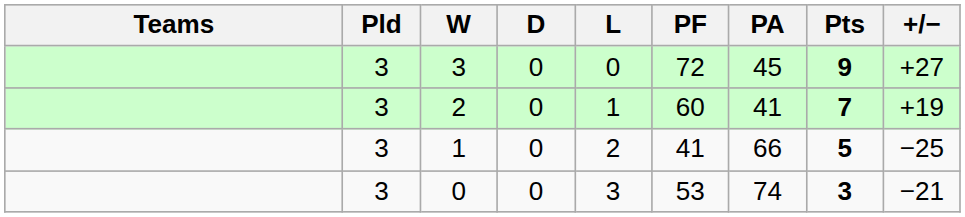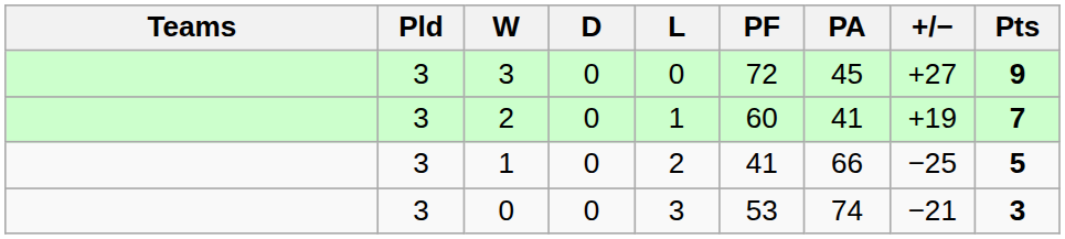 <table class="wikitable" style="text-align: center;">
 <tr>
 <th width="200">Teams</th>
 <th width="40">Pld</th>
 <th width="40">W</th>
 <th width="40">D</th>
 <th width="40">L</th>
 <th width="40">PF</th>
 <th width="40">PA</th>
+<th width="40">+/−</th>
 <th width="40">Pts</th>
-<th width="40">+/−</th>
 </tr>
 <tr bgcolor=ccffcc>
 <td align=left></td>
 <td>3</td>
 <td>3</td>
 <td>0</td>
 <td>0</td>
 <td>72</td>
 <td>45</td>
+<td>+27</td>
 <td><strong>9</strong></td>
-<td>+27</td>
 </tr>
 <tr bgcolor=ccffcc>
 <td align=left></td>
 <td>3</td>
 <td>2</td>
 <td>0</td>
 <td>1</td>
 <td>60</td>
 <td>41</td>
+<td>+19</td>
 <td><strong>7</strong></td>
-<td>+19</td>
 </tr>
 <tr>
 <td align=left></td>
 <td>3</td>
 <td>1</td>
 <td>0</td>
 <td>2</td>
 <td>41</td>
 <td>66</td>
+<td>−25</td>
 <td><strong>5</strong></td>
-<td>−25</td>
 </tr>
 <tr>
 <td align=left></td>
 <td>3</td>
 <td>0</td>
 <td>0</td>
 <td>3</td>
 <td>53</td>
 <td>74</td>
+<td>−21</td>
 <td><strong>3</strong></td>
-<td>−21</td>
 </tr>
 </table>
